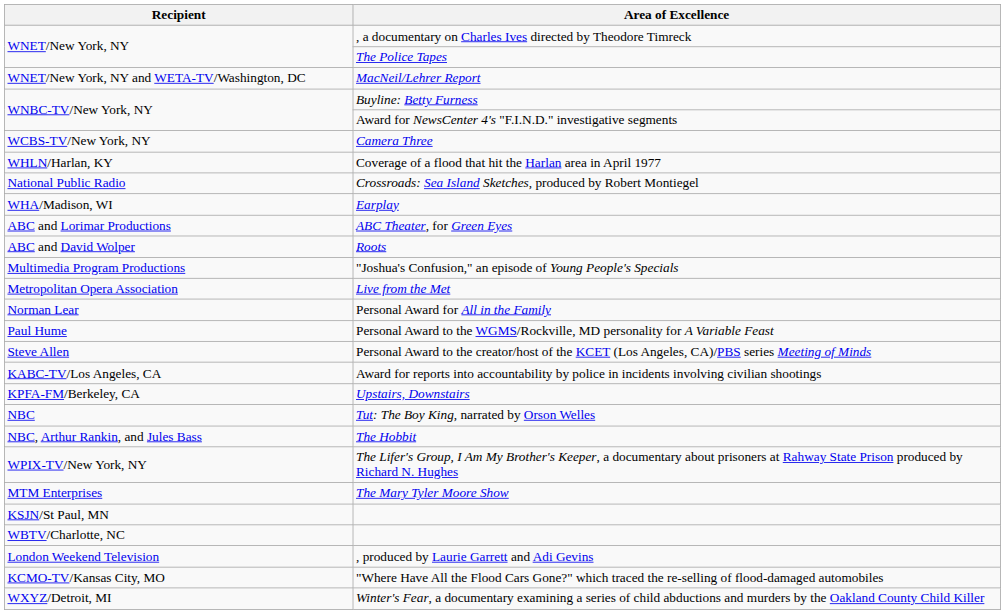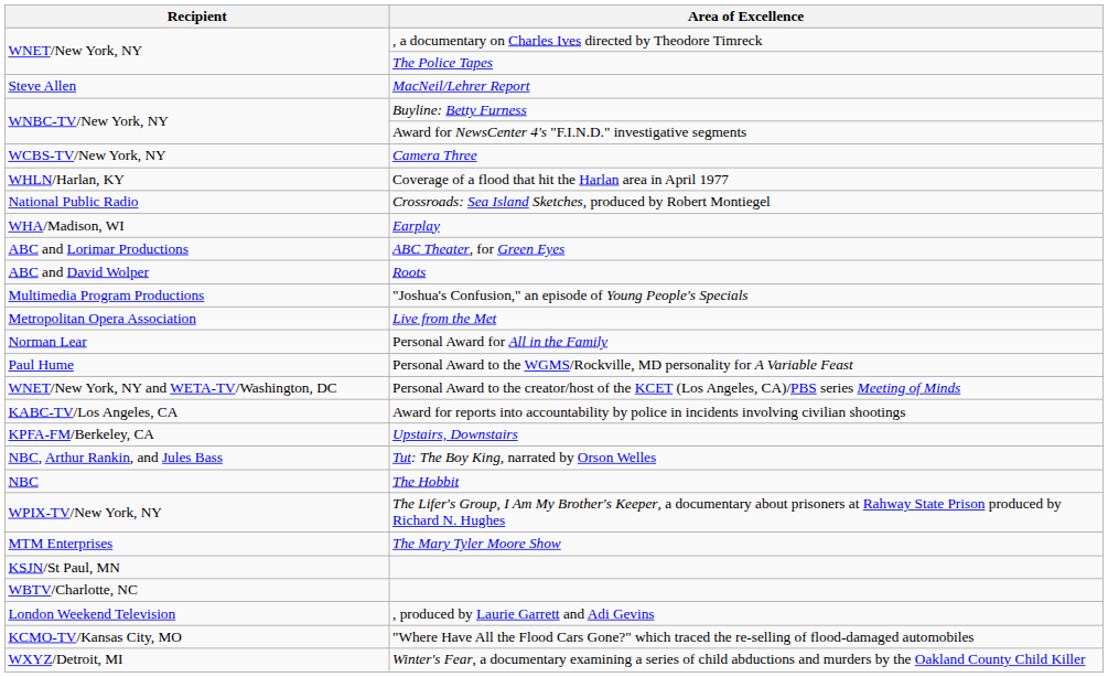 <table class="wikitable" style="width:95%">
 <tr bgcolor="#CCCCCC">
 <th width=35%>Recipient</th>
 <th width=65%>Area of Excellence</th>
 </tr>
 <tr>
 <td rowspan="2"><a href='#'>WNET</a>/New York, NY</td>
 <td><em></em>, a documentary on <a href='#'>Charles Ives</a> directed by Theodore Timreck</td>
 </tr>
 <tr>
 <td><em><a href='#'>The Police Tapes</a></em></td>
 </tr>
 <tr>
-<td><a href='#'>WNET</a>/New York, NY and <a href='#'>WETA-TV</a>/Washington, DC</td>
+<td><a href='#'>Steve Allen</a></td>
 <td><em><a href='#'>MacNeil/Lehrer Report</a></em></td>
 </tr>
 <tr>
 <td rowspan="2"><a href='#'>WNBC-TV</a>/New York, NY</td>
 <td><em>Buyline: <a href='#'>Betty Furness</a></em></td>
 </tr>
 <tr>
 <td>Award for <em>NewsCenter 4's</em> "F.I.N.D." investigative segments</td>
 </tr>
 <tr>
 <td><a href='#'>WCBS-TV</a>/New York, NY</td>
 <td><em><a href='#'>Camera Three</a></em></td>
 </tr>
 <tr>
 <td><a href='#'>WHLN</a>/Harlan, KY</td>
 <td>Coverage of a flood that hit the <a href='#'>Harlan</a> area in April 1977</td>
 </tr>
 <tr>
 <td><a href='#'>National Public Radio</a></td>
 <td><em>Crossroads: <a href='#'>Sea Island</a> Sketches</em>, produced by Robert Montiegel</td>
 </tr>
 <tr>
 <td><a href='#'>WHA</a>/Madison, WI</td>
 <td><em><a href='#'>Earplay</a></em></td>
 </tr>
 <tr>
 <td><a href='#'>ABC</a> and <a href='#'>Lorimar Productions</a></td>
 <td><em><a href='#'>ABC Theater</a></em>, for <em><a href='#'>Green Eyes</a></em></td>
 </tr>
 <tr>
 <td><a href='#'>ABC</a> and <a href='#'>David Wolper</a></td>
 <td><em><a href='#'>Roots</a></em></td>
 </tr>
 <tr>
 <td><a href='#'>Multimedia Program Productions</a></td>
 <td>"Joshua's Confusion," an episode of <em>Young People's Specials</em></td>
 </tr>
 <tr>
 <td><a href='#'>Metropolitan Opera Association</a></td>
 <td><em><a href='#'>Live from the Met</a></em></td>
 </tr>
 <tr>
 <td><a href='#'>Norman Lear</a></td>
 <td>Personal Award for <em><a href='#'>All in the Family</a></em></td>
 </tr>
 <tr>
 <td><a href='#'>Paul Hume</a></td>
 <td>Personal Award to the <a href='#'>WGMS</a>/Rockville, MD personality for <em>A Variable Feast</em></td>
 </tr>
 <tr>
-<td><a href='#'>Steve Allen</a></td>
+<td><a href='#'>WNET</a>/New York, NY and <a href='#'>WETA-TV</a>/Washington, DC</td>
 <td>Personal Award to the creator/host of the <a href='#'>KCET</a> (Los Angeles, CA)/<a href='#'>PBS</a> series <em><a href='#'>Meeting of Minds</a></em></td>
 </tr>
 <tr>
 <td><a href='#'>KABC-TV</a>/Los Angeles, CA</td>
 <td>Award for reports into accountability by police in incidents involving civilian shootings</td>
 </tr>
 <tr>
 <td><a href='#'>KPFA-FM</a>/Berkeley, CA</td>
 <td><em><a href='#'>Upstairs, Downstairs</a></em></td>
 </tr>
 <tr>
-<td><a href='#'>NBC</a></td>
+<td><a href='#'>NBC</a>, <a href='#'>Arthur Rankin</a>, and <a href='#'>Jules Bass</a></td>
 <td><em><a href='#'>Tut</a>: The Boy King</em>, narrated by <a href='#'>Orson Welles</a></td>
 </tr>
 <tr>
-<td><a href='#'>NBC</a>, <a href='#'>Arthur Rankin</a>, and <a href='#'>Jules Bass</a></td>
+<td><a href='#'>NBC</a></td>
 <td><em><a href='#'>The Hobbit</a></em></td>
 </tr>
 <tr>
 <td><a href='#'>WPIX-TV</a>/New York, NY</td>
 <td><em>The Lifer's Group, I Am My Brother's Keeper</em>,  a documentary about prisoners at <a href='#'>Rahway State Prison</a> produced by <a href='#'>Richard N. Hughes</a></td>
 </tr>
 <tr>
 <td><a href='#'>MTM Enterprises</a></td>
 <td><em><a href='#'>The Mary Tyler Moore Show</a></em></td>
 </tr>
 <tr>
 <td><a href='#'>KSJN</a>/St Paul, MN</td>
 <td><em></em></td>
 </tr>
 <tr>
 <td><a href='#'>WBTV</a>/Charlotte, NC</td>
 <td><em></em></td>
 </tr>
 <tr>
 <td><a href='#'>London Weekend Television</a></td>
 <td><em></em>, produced by <a href='#'>Laurie Garrett</a> and <a href='#'>Adi Gevins</a></td>
 </tr>
 <tr>
 <td><a href='#'>KCMO-TV</a>/Kansas City, MO</td>
 <td>"Where Have All the Flood Cars Gone?" which traced the re-selling of flood-damaged automobiles</td>
 </tr>
 <tr>
 <td><a href='#'>WXYZ</a>/Detroit, MI</td>
 <td><em>Winter's Fear</em>, a documentary examining a series of child abductions and murders by the <a href='#'>Oakland County Child Killer</a></td>
 </tr>
 </table>
